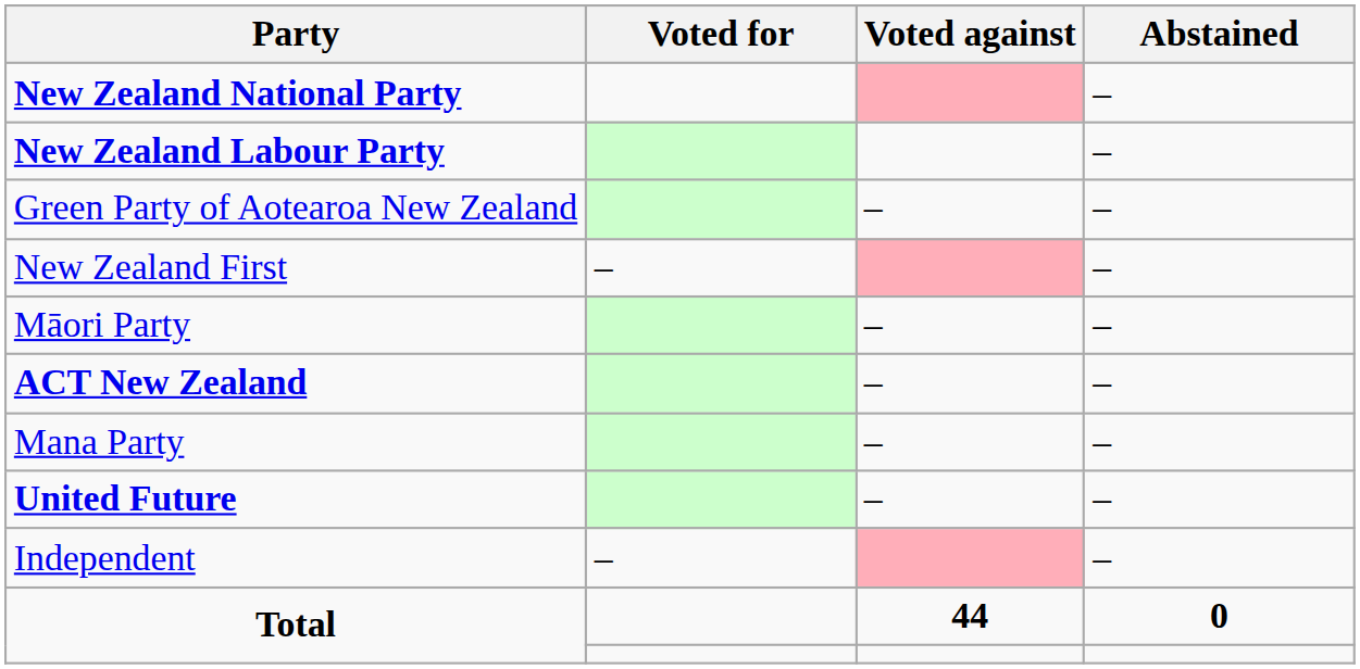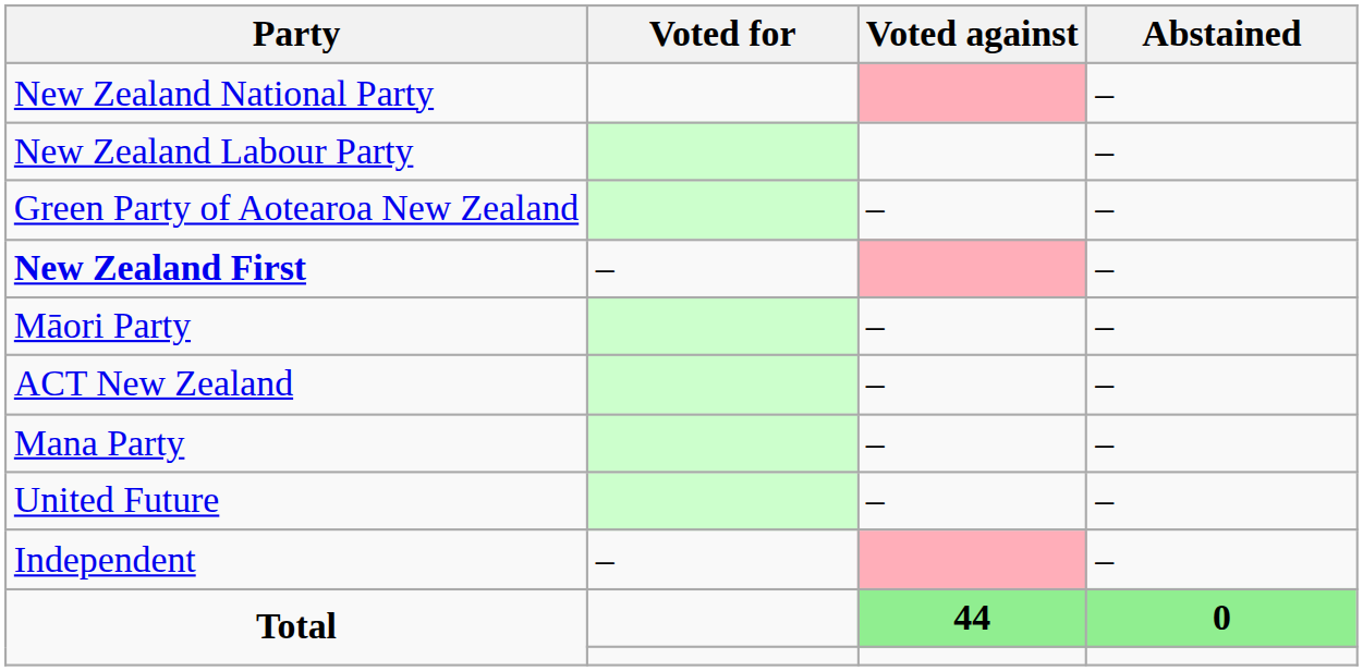 <table class="wikitable">
 <tr>
 <th>Party</th>
 <th style="width:20%;">Voted for</th>
 <th>Voted against</th>
 <th style="width:20%;">Abstained</th>
 </tr>
 <tr>
-<td><strong> <a href='#'>New Zealand National Party</a></strong></td>
+<td> <a href='#'>New Zealand National Party</a></td>
 <td></td>
 <td style="background-color:#FFAEB9;"></td>
 <td>–</td>
 </tr>
 <tr>
-<td><strong> <a href='#'>New Zealand Labour Party</a></strong></td>
+<td> <a href='#'>New Zealand Labour Party</a></td>
 <td style="background-color:#CCFFCC;"></td>
 <td></td>
 <td>–</td>
 </tr>
 <tr>
 <td> <a href='#'>Green Party of Aotearoa New Zealand</a></td>
 <td style="background-color:#CCFFCC;"></td>
 <td>–</td>
 <td>–</td>
 </tr>
 <tr>
-<td> <a href='#'>New Zealand First</a></td>
+<td><strong> <a href='#'>New Zealand First</a></strong></td>
 <td>–</td>
 <td style="background-color:#FFAEB9;"></td>
 <td>–</td>
 </tr>
 <tr>
 <td> <a href='#'>Māori Party</a></td>
 <td style="background-color:#CCFFCC;"></td>
 <td>–</td>
 <td>–</td>
 </tr>
 <tr>
-<td><strong> <a href='#'>ACT New Zealand</a></strong></td>
+<td> <a href='#'>ACT New Zealand</a></td>
 <td style="background-color:#CCFFCC;"></td>
 <td>–</td>
 <td>–</td>
 </tr>
 <tr>
 <td> <a href='#'>Mana Party</a></td>
 <td style="background-color:#CCFFCC;"></td>
 <td>–</td>
 <td>–</td>
 </tr>
 <tr>
-<td><strong> <a href='#'>United Future</a></strong></td>
+<td> <a href='#'>United Future</a></td>
 <td style="background-color:#CCFFCC;"></td>
 <td>–</td>
 <td>–</td>
 </tr>
 <tr>
 <td> <a href='#'>Independent</a></td>
 <td>–</td>
 <td style="background-color:#FFAEB9;"></td>
 <td>–</td>
 </tr>
 <tr>
 <td style="text-align:center;" rowspan="2"><strong>Total</strong></td>
 <td></td>
-<td style="text-align:center;"><strong>44</strong></td>
-<td style="text-align:center;"><strong>0</strong></td>
+<td style="background: lightgreen; text-align:center;"><strong>44</strong></td>
+<td style="background: lightgreen; text-align:center;"><strong>0</strong></td>
 </tr>
 <tr>
 <td style="text-align:center;"></td>
 <td style="text-align:center;"></td>
 <td style="text-align:center;"></td>
 </tr>
 </table>
